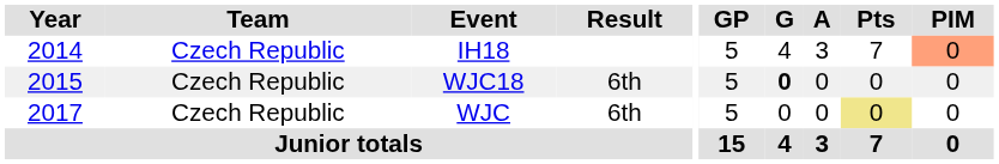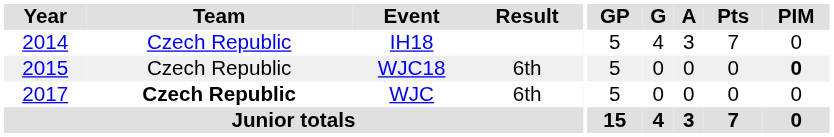 <table border="0" cellpadding="1" cellspacing="0" ID="Table3" style="text-align:center; width:40em">
 <tr ALIGN="center" bgcolor="#e0e0e0">
 <th>Year</th>
 <th>Team</th>
 <th>Event</th>
 <th>Result</th>
 <th rowspan="99" bgcolor="#ffffff"></th>
 <th>GP</th>
 <th>G</th>
 <th>A</th>
 <th>Pts</th>
 <th>PIM</th>
 </tr>
 <tr>
 <td><a href='#'>2014</a></td>
 <td><a href='#'>Czech Republic</a></td>
 <td><a href='#'>IH18</a></td>
 <td></td>
 <td>5</td>
 <td>4</td>
 <td>3</td>
 <td>7</td>
-<td style="background: lightsalmon;">0</td>
+<td>0</td>
 </tr>
 <tr bgcolor="#f0f0f0">
 <td><a href='#'>2015</a></td>
 <td>Czech Republic</td>
 <td><a href='#'>WJC18</a></td>
 <td>6th</td>
 <td>5</td>
-<td><strong>0</strong></td>
 <td>0</td>
 <td>0</td>
 <td>0</td>
+<td><strong>0</strong></td>
 </tr>
 <tr>
 <td><a href='#'>2017</a></td>
-<td>Czech Republic</td>
+<td><strong>Czech Republic</strong></td>
 <td><a href='#'>WJC</a></td>
 <td>6th</td>
 <td>5</td>
 <td>0</td>
 <td>0</td>
-<td style="background: khaki;">0</td>
+<td>0</td>
 <td>0</td>
 </tr>
 <tr bgcolor="#e0e0e0">
 <th colspan="4">Junior totals</th>
 <th>15</th>
 <th>4</th>
 <th>3</th>
 <th>7</th>
 <th>0</th>
 </tr>
 </table>
